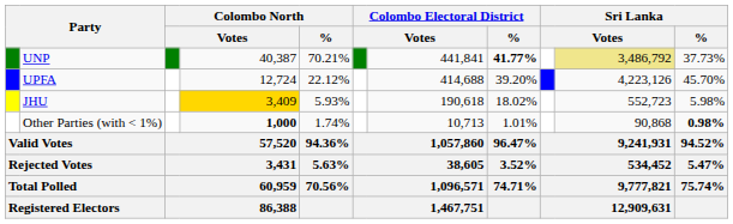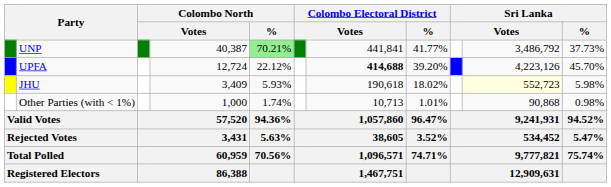 <table class="wikitable">
 <tr>
 <th colspan="2" width="144px"rowspan="2">Party</th>
 <th colspan="3" width="216px">Colombo North</th>
 <th colspan="3" width="216px"><a href='#'>Colombo Electoral District</a></th>
 <th colspan="3" width="216px">Sri Lanka</th>
 </tr>
 <tr>
 <th colspan="2" width="144px">Votes</th>
 <th>%</th>
 <th colspan="2" width="144px">Votes</th>
 <th>%</th>
 <th colspan="2" width="144px">Votes</th>
 <th>%</th>
 </tr>
 <tr>
 <td style="background-color:green;" width="10px"></td>
 <td style="text-align:left;"><a href='#'>UNP</a></td>
 <td style="background-color:green;" width="10px"></td>
 <td style="text-align:right;">40,387</td>
-<td style="text-align:right;">70.21%</td>
+<td style="background: lightgreen; text-align:right;">70.21%</td>
 <td style="background-color:green;" width="10px"></td>
 <td style="text-align:right;">441,841</td>
-<td style="text-align:right;"><strong>41.77%</strong></td>
+<td style="text-align:right;">41.77%</td>
 <td style="background-color:white;" width="10px"></td>
-<td style="background: khaki; text-align:right;">3,486,792</td>
+<td style="text-align:right;">3,486,792</td>
 <td style="text-align:right;">37.73%</td>
 </tr>
 <tr>
 <td style="background-color:blue;" width="10px"></td>
 <td style="text-align:left;"><a href='#'>UPFA</a></td>
 <td style="background-color:white;" width="10px"></td>
 <td style="text-align:right;">12,724</td>
 <td style="text-align:right;">22.12%</td>
 <td style="background-color:white;" width="10px"></td>
-<td style="text-align:right;">414,688</td>
+<td style="text-align:right;"><strong>414,688</strong></td>
 <td style="text-align:right;">39.20%</td>
 <td style="background-color:blue;" width="10px"></td>
 <td style="text-align:right;">4,223,126</td>
 <td style="text-align:right;">45.70%</td>
 </tr>
 <tr>
 <td style="background-color:yellow;" width="10px"></td>
 <td style="text-align:left;"><a href='#'>JHU</a></td>
 <td style="background-color:white;" width="10px"></td>
-<td style="background: gold; text-align:right;">3,409</td>
+<td style="text-align:right;">3,409</td>
 <td style="text-align:right;">5.93%</td>
 <td style="background-color:white;" width="10px"></td>
 <td style="text-align:right;">190,618</td>
 <td style="text-align:right;">18.02%</td>
 <td style="background-color:white;" width="10px"></td>
-<td style="text-align:right;">552,723</td>
+<td style="background: lightyellow; text-align:right;">552,723</td>
 <td style="text-align:right;">5.98%</td>
 </tr>
 <tr>
 <td style="background-color:white;" width="10px"></td>
 <td style="text-align:left;">Other Parties (with < 1%)</td>
 <td style="background-color:white;" width="10px"></td>
-<td style="text-align:right;"><strong>1,000</strong></td>
+<td style="text-align:right;">1,000</td>
 <td style="text-align:right;">1.74%</td>
 <td style="background-color:white;" width="10px"></td>
 <td style="text-align:right;">10,713</td>
 <td style="text-align:right;">1.01%</td>
 <td style="background-color:white;" width="10px"></td>
 <td style="text-align:right;">90,868</td>
-<td style="text-align:right;"><strong>0.98%</strong></td>
+<td style="text-align:right;">0.98%</td>
 </tr>
 <tr>
 <th colspan="2" width="144px"style="text-align:left;">Valid Votes</th>
 <th style="text-align:right;"colspan="2" width="144px">57,520</th>
 <th style="text-align:right;">94.36%</th>
 <th style="text-align:right;"colspan="2" width="144px">1,057,860</th>
 <th style="text-align:right;">96.47%</th>
 <th style="text-align:right;"colspan="2" width="144px">9,241,931</th>
 <th style="text-align:right;">94.52%</th>
 </tr>
 <tr>
 <th colspan="2" width="144px"style="text-align:left;">Rejected Votes</th>
 <th style="text-align:right;"colspan="2" width="144px">3,431</th>
 <th style="text-align:right;">5.63%</th>
 <th style="text-align:right;"colspan="2" width="144px">38,605</th>
 <th style="text-align:right;">3.52%</th>
 <th style="text-align:right;"colspan="2" width="144px">534,452</th>
 <th style="text-align:right;">5.47%</th>
 </tr>
 <tr>
 <th colspan="2" width="144px"style="text-align:left;">Total Polled</th>
 <th style="text-align:right;"colspan="2" width="144px">60,959</th>
 <th style="text-align:right;">70.56%</th>
 <th style="text-align:right;"colspan="2" width="144px">1,096,571</th>
 <th style="text-align:right;">74.71%</th>
 <th style="text-align:right;"colspan="2" width="144px">9,777,821</th>
 <th style="text-align:right;">75.74%</th>
 </tr>
 <tr>
 <th colspan="2" width="144px"style="text-align:left;">Registered Electors</th>
 <th style="text-align:right;"colspan="2" width="144px">86,388</th>
 <th></th>
 <th style="text-align:right;"colspan="2" width="144px">1,467,751</th>
 <th></th>
 <th style="text-align:right;"colspan="2" width="144px">12,909,631</th>
 <th></th>
 </tr>
 </table>
